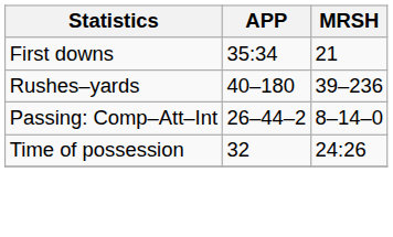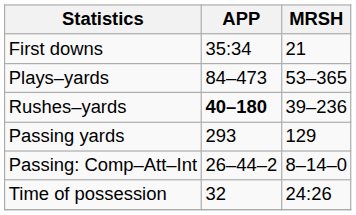 <table class="wikitable" style="float: left;">
 <tr>
 <th>Statistics</th>
 <th>APP</th>
 <th>MRSH</th>
 </tr>
 <tr>
 <td>First downs</td>
 <td>35:34</td>
 <td>21</td>
 </tr>
 <tr>
+<td>Plays–yards</td>
+<td>84–473</td>
+<td>53–365</td>
+</tr>
+<tr>
 <td>Rushes–yards</td>
-<td>40–180</td>
+<td><strong>40–180</strong></td>
 <td>39–236</td>
+</tr>
+<tr>
+<td>Passing yards</td>
+<td>293</td>
+<td>129</td>
 </tr>
 <tr>
 <td>Passing: Comp–Att–Int</td>
 <td>26–44–2</td>
 <td>8–14–0</td>
 </tr>
 <tr>
 <td>Time of possession</td>
 <td>32</td>
 <td>24:26</td>
 </tr>
 <tr>
 </tr>
 </table>
